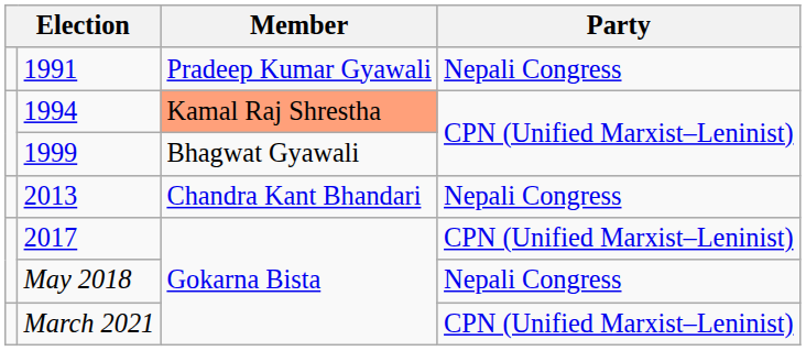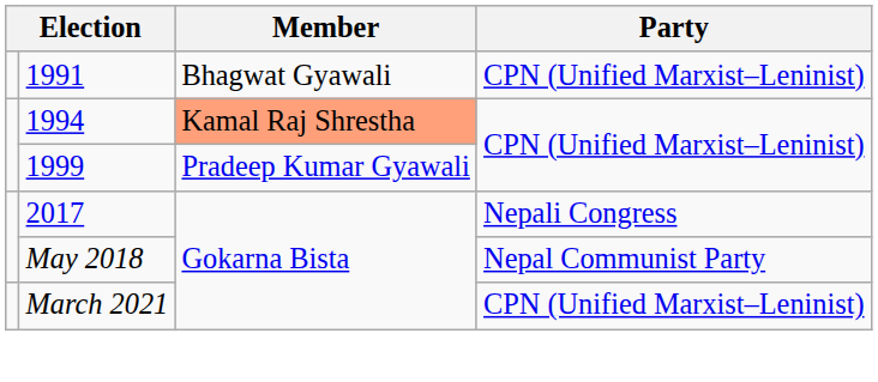 <table class="wikitable">
 <tr>
 <th colspan="2">Election</th>
 <th>Member</th>
 <th>Party</th>
 </tr>
 <tr>
 <td style="background-color:"></td>
 <td><a href='#'>1991</a></td>
-<td><a href='#'>Pradeep Kumar Gyawali</a></td>
-<td><a href='#'>Nepali Congress</a></td>
+<td>Bhagwat Gyawali</td>
+<td><a href='#'>CPN (Unified Marxist–Leninist)</a></td>
 </tr>
 <tr>
 <td rowspan="2" style="background-color:"></td>
 <td><a href='#'>1994</a></td>
 <td style="background: lightsalmon;">Kamal Raj Shrestha</td>
 <td rowspan="2"><a href='#'>CPN (Unified Marxist–Leninist)</a></td>
 </tr>
 <tr>
 <td><a href='#'>1999</a></td>
-<td>Bhagwat Gyawali</td>
-</tr>
-<tr>
-<td style="background-color:"></td>
-<td><a href='#'>2013</a></td>
-<td><a href='#'>Chandra Kant Bhandari</a></td>
-<td><a href='#'>Nepali Congress</a></td>
+<td><a href='#'>Pradeep Kumar Gyawali</a></td>
 </tr>
 <tr>
 <td rowspan="2" style="background-color:"></td>
 <td><a href='#'>2017</a></td>
 <td rowspan="3"><a href='#'>Gokarna Bista</a></td>
-<td><a href='#'>CPN (Unified Marxist–Leninist)</a></td>
+<td><a href='#'>Nepali Congress</a></td>
 </tr>
 <tr>
 <td><em>May 2018</em></td>
-<td><a href='#'>Nepali Congress</a></td>
+<td><a href='#'>Nepal Communist Party</a></td>
 </tr>
 <tr>
 <td></td>
 <td><em>March 2021</em></td>
 <td><a href='#'>CPN (Unified Marxist–Leninist)</a></td>
 </tr>
 </table>
